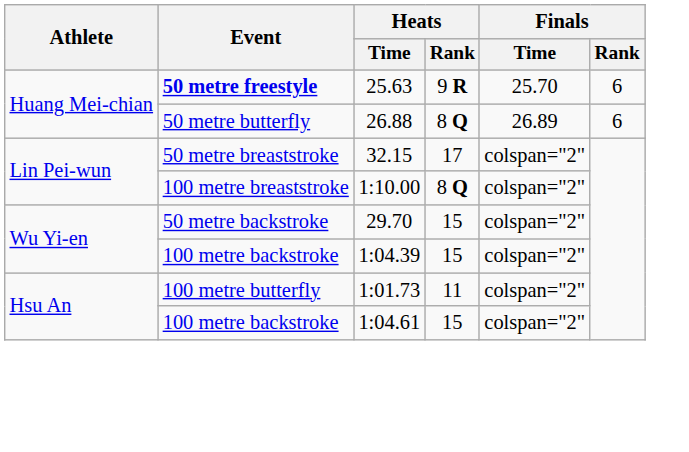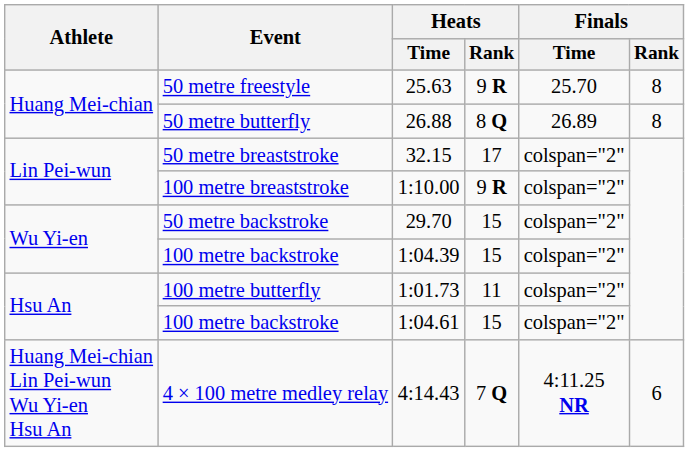 <table class=wikitable style="font-size:90%; text-align:center">
 <tr>
 <th rowspan="2">Athlete</th>
 <th rowspan="2">Event</th>
 <th colspan="2">Heats</th>
 <th colspan="2">Finals</th>
 </tr>
 <tr style="font-size:95%">
 <th>Time</th>
 <th>Rank</th>
 <th>Time</th>
 <th>Rank</th>
 </tr>
 <tr>
 <td align="left" rowspan="2"><a href='#'>Huang Mei-chian</a></td>
-<td align="left"><strong><a href='#'>50 metre freestyle</a></strong></td>
+<td align="left"><a href='#'>50 metre freestyle</a></td>
 <td>25.63</td>
 <td>9 <strong>R</strong></td>
 <td>25.70</td>
-<td>6</td>
+<td>8</td>
 </tr>
 <tr>
 <td align="left"><a href='#'>50 metre butterfly</a></td>
 <td>26.88</td>
 <td>8 <strong>Q</strong></td>
 <td>26.89</td>
-<td>6</td>
+<td>8</td>
 </tr>
 <tr>
 <td align="left" rowspan="2"><a href='#'>Lin Pei-wun</a></td>
 <td align="left"><a href='#'>50 metre breaststroke</a></td>
 <td>32.15</td>
 <td>17</td>
 <td>colspan="2" </td>
 </tr>
 <tr>
 <td align="left"><a href='#'>100 metre breaststroke</a></td>
 <td>1:10.00</td>
-<td>8 <strong>Q</strong></td>
+<td>9 <strong>R</strong></td>
 <td>colspan="2" </td>
 </tr>
 <tr>
 <td align="left" rowspan="2"><a href='#'>Wu Yi-en</a></td>
 <td align="left"><a href='#'>50 metre backstroke</a></td>
 <td>29.70</td>
 <td>15</td>
 <td>colspan="2" </td>
 </tr>
 <tr>
 <td align="left"><a href='#'>100 metre backstroke</a></td>
 <td>1:04.39</td>
 <td>15</td>
 <td>colspan="2" </td>
 </tr>
 <tr>
 <td align="left" rowspan="2"><a href='#'>Hsu An</a></td>
 <td align="left"><a href='#'>100 metre butterfly</a></td>
 <td>1:01.73</td>
 <td>11</td>
 <td>colspan="2" </td>
 </tr>
 <tr>
 <td align="left"><a href='#'>100 metre backstroke</a></td>
 <td>1:04.61</td>
 <td>15</td>
 <td>colspan="2" </td>
 </tr>
+<tr>
+<td align="left"><a href='#'>Huang Mei-chian</a><br><a href='#'>Lin Pei-wun</a><br><a href='#'>Wu Yi-en</a><br><a href='#'>Hsu An</a></td>
+<td align="left"><a href='#'>4 × 100 metre medley relay</a></td>
+<td>4:14.43</td>
+<td>7 <strong>Q</strong></td>
+<td>4:11.25<br><strong><a href='#'>NR</a></strong></td>
+<td>6</td>
+</tr>
 </table>
